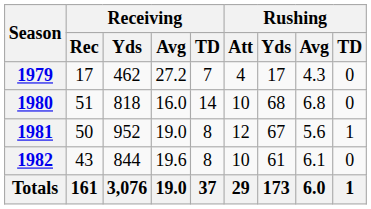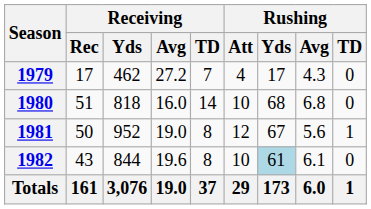 <table class=wikitable style="text-align:center;">
 <tr>
 <th rowspan="2">Season</th>
 <th colspan="4">Receiving</th>
 <th colspan="4">Rushing</th>
 </tr>
 <tr>
 <th>Rec</th>
 <th>Yds</th>
 <th>Avg</th>
 <th>TD</th>
 <th>Att</th>
 <th>Yds</th>
 <th>Avg</th>
 <th>TD</th>
 </tr>
 <tr>
 <th><a href='#'>1979</a></th>
 <td>17</td>
 <td>462</td>
 <td>27.2</td>
 <td>7</td>
 <td>4</td>
 <td>17</td>
 <td>4.3</td>
 <td>0</td>
 </tr>
 <tr>
 <th><a href='#'>1980</a></th>
 <td>51</td>
 <td>818</td>
 <td>16.0</td>
 <td>14</td>
 <td>10</td>
 <td>68</td>
 <td>6.8</td>
 <td>0</td>
 </tr>
 <tr>
 <th><a href='#'>1981</a></th>
 <td>50</td>
 <td>952</td>
 <td>19.0</td>
 <td>8</td>
 <td>12</td>
 <td>67</td>
 <td>5.6</td>
 <td>1</td>
 </tr>
 <tr>
 <th><a href='#'>1982</a></th>
 <td>43</td>
 <td>844</td>
 <td>19.6</td>
 <td>8</td>
 <td>10</td>
-<td>61</td>
+<td style="background: lightblue;">61</td>
 <td>6.1</td>
 <td>0</td>
 </tr>
 <tr>
 <th>Totals</th>
 <th>161</th>
 <th>3,076</th>
 <th>19.0</th>
 <th>37</th>
 <th>29</th>
 <th>173</th>
 <th>6.0</th>
 <th>1</th>
 </tr>
 </table>
